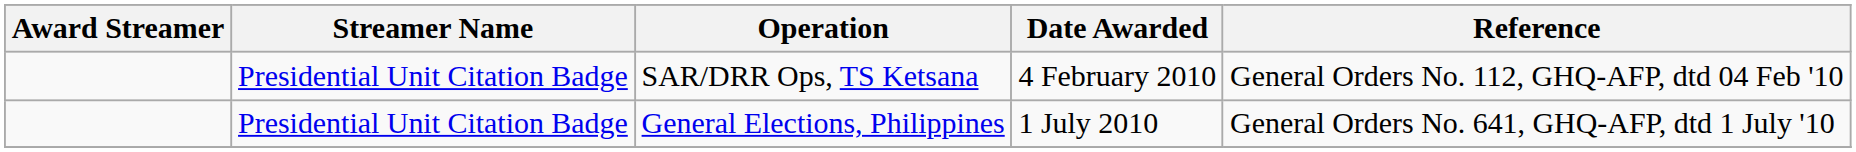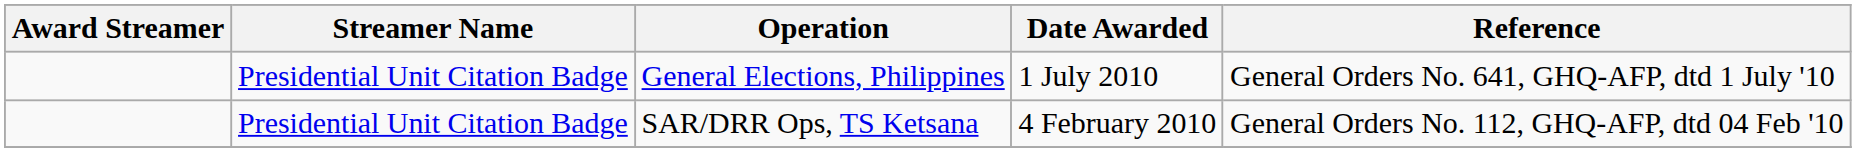 <table class="wikitable">
 <tr>
 <th>Award Streamer</th>
 <th>Streamer Name</th>
 <th>Operation</th>
 <th>Date Awarded</th>
 <th>Reference</th>
 </tr>
 <tr>
 <td></td>
 <td><a href='#'>Presidential Unit Citation Badge</a></td>
+<td><a href='#'>General Elections, Philippines</a></td>
+<td>1 July 2010</td>
+<td>General Orders No. 641, GHQ-AFP, dtd 1 July '10</td>
+</tr>
+<tr>
+<td></td>
+<td><a href='#'>Presidential Unit Citation Badge</a></td>
 <td>SAR/DRR Ops, <a href='#'>TS Ketsana</a></td>
 <td>4 February 2010</td>
 <td>General Orders No. 112, GHQ-AFP, dtd 04 Feb '10</td>
 </tr>
 <tr>
-<td></td>
-<td><a href='#'>Presidential Unit Citation Badge</a></td>
-<td><a href='#'>General Elections, Philippines</a></td>
-<td>1 July 2010</td>
-<td>General Orders No. 641, GHQ-AFP, dtd 1 July '10</td>
-</tr>
-<tr>
 </tr>
 </table>
